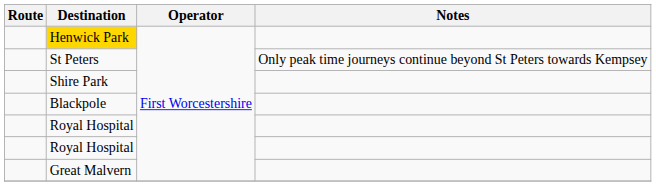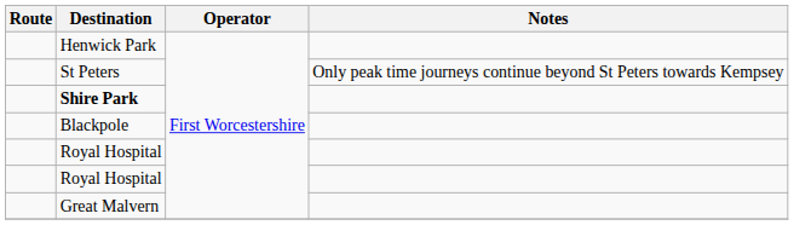 <table class="wikitable sortable">
 <tr>
 <th>Route</th>
 <th>Destination</th>
 <th>Operator</th>
 <th>Notes</th>
 </tr>
 <tr>
 <td><strong></strong></td>
-<td style="background: gold;">Henwick Park</td>
+<td>Henwick Park</td>
 <td rowspan="7"><a href='#'>First Worcestershire</a></td>
 <td></td>
 </tr>
 <tr>
 <td><strong></strong></td>
 <td>St Peters</td>
 <td>Only peak time journeys continue beyond St Peters towards Kempsey</td>
 </tr>
 <tr>
 <td><strong></strong></td>
-<td>Shire Park</td>
+<td><strong>Shire Park</strong></td>
 <td></td>
 </tr>
 <tr>
 <td><strong></strong></td>
 <td>Blackpole</td>
 <td></td>
 </tr>
 <tr>
 <td><strong></strong></td>
 <td>Royal Hospital</td>
 <td></td>
 </tr>
 <tr>
 <td><strong></strong></td>
 <td>Royal Hospital</td>
 <td></td>
 </tr>
 <tr>
 <td><strong></strong></td>
 <td>Great Malvern</td>
 <td></td>
 </tr>
 <tr>
 </tr>
 </table>
